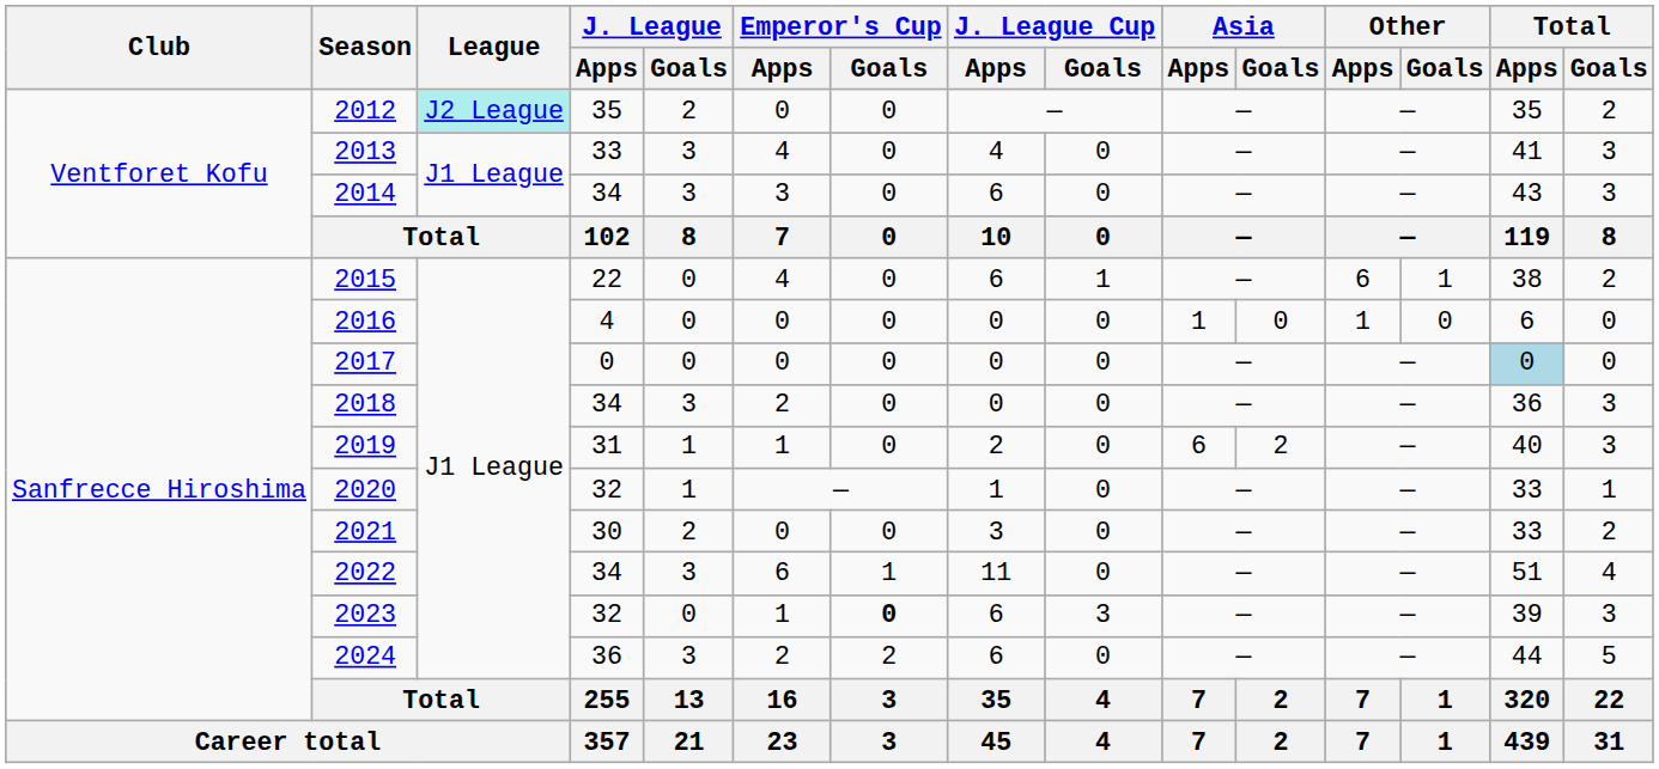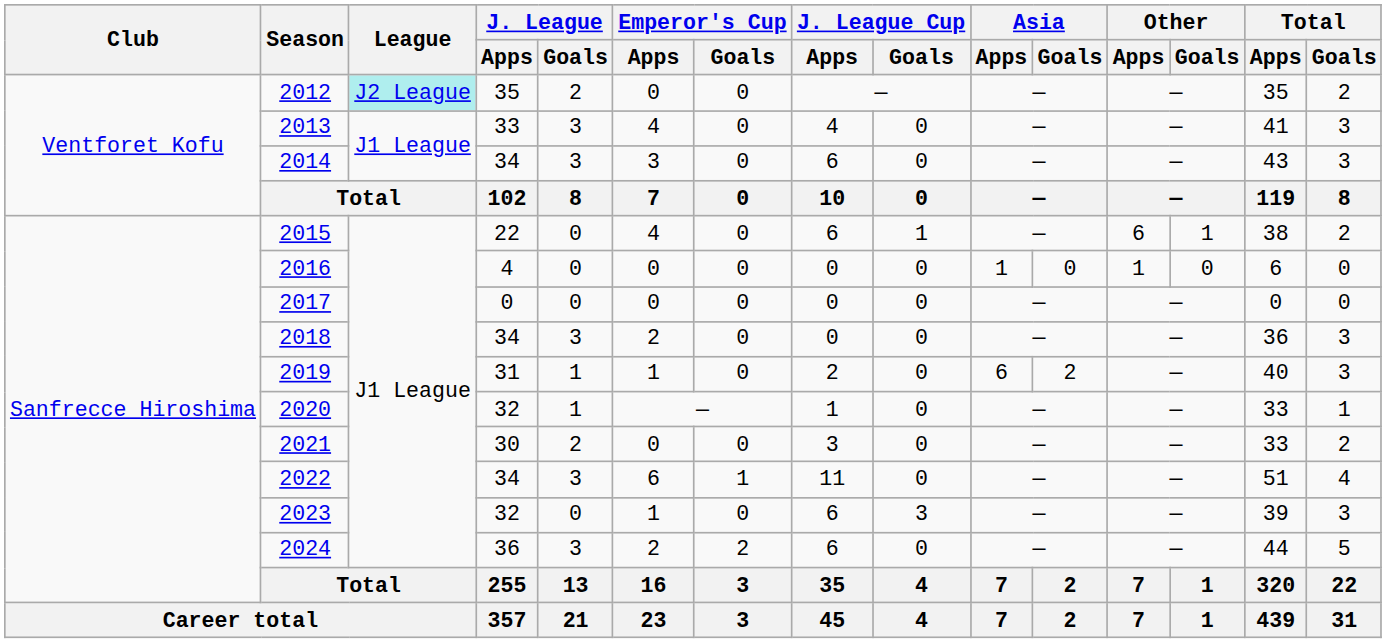 <table class="wikitable" style="text-align:center">
 <tr>
 <th rowspan="2">Club</th>
 <th rowspan="2">Season</th>
 <th rowspan="2">League</th>
 <th colspan="2"><a href='#'>J. League</a></th>
 <th colspan="2"><a href='#'>Emperor's Cup</a></th>
 <th colspan="2"><a href='#'>J. League Cup</a></th>
 <th colspan="2"><a href='#'>Asia</a></th>
 <th colspan="2">Other</th>
 <th colspan="2">Total</th>
 </tr>
 <tr>
 <th>Apps</th>
 <th>Goals</th>
 <th>Apps</th>
 <th>Goals</th>
 <th>Apps</th>
 <th>Goals</th>
 <th>Apps</th>
 <th>Goals</th>
 <th>Apps</th>
 <th>Goals</th>
 <th>Apps</th>
 <th>Goals</th>
 </tr>
 <tr>
 <td rowspan="4"><a href='#'>Ventforet Kofu</a></td>
 <td><a href='#'>2012</a></td>
 <td style="background: paleturquoise;"><a href='#'>J2 League</a></td>
 <td>35</td>
 <td>2</td>
 <td>0</td>
 <td>0</td>
 <td colspan="2">—</td>
 <td colspan="2">—</td>
 <td colspan="2">—</td>
 <td>35</td>
 <td>2</td>
 </tr>
 <tr>
 <td><a href='#'>2013</a></td>
 <td rowspan="2"><a href='#'>J1 League</a></td>
 <td>33</td>
 <td>3</td>
 <td>4</td>
 <td>0</td>
 <td>4</td>
 <td>0</td>
 <td colspan="2">—</td>
 <td colspan="2">—</td>
 <td>41</td>
 <td>3</td>
 </tr>
 <tr>
 <td><a href='#'>2014</a></td>
 <td>34</td>
 <td>3</td>
 <td>3</td>
 <td>0</td>
 <td>6</td>
 <td>0</td>
 <td colspan="2">—</td>
 <td colspan="2">—</td>
 <td>43</td>
 <td>3</td>
 </tr>
 <tr>
 <th colspan="2">Total</th>
 <th>102</th>
 <th>8</th>
 <th>7</th>
 <th>0</th>
 <th>10</th>
 <th>0</th>
 <th colspan="2">—</th>
 <th colspan="2">—</th>
 <th>119</th>
 <th>8</th>
 </tr>
 <tr>
 <td rowspan="11"><a href='#'>Sanfrecce Hiroshima</a></td>
 <td><a href='#'>2015</a></td>
 <td rowspan="10">J1 League</td>
 <td>22</td>
 <td>0</td>
 <td>4</td>
 <td>0</td>
 <td>6</td>
 <td>1</td>
 <td colspan="2">—</td>
 <td>6</td>
 <td>1</td>
 <td>38</td>
 <td>2</td>
 </tr>
 <tr>
 <td><a href='#'>2016</a></td>
 <td>4</td>
 <td>0</td>
 <td>0</td>
 <td>0</td>
 <td>0</td>
 <td>0</td>
 <td>1</td>
 <td>0</td>
 <td>1</td>
 <td>0</td>
 <td>6</td>
 <td>0</td>
 </tr>
 <tr>
 <td><a href='#'>2017</a></td>
 <td>0</td>
 <td>0</td>
 <td>0</td>
 <td>0</td>
 <td>0</td>
 <td>0</td>
 <td colspan="2">—</td>
 <td colspan="2">—</td>
-<td style="background: lightblue;">0</td>
+<td>0</td>
 <td>0</td>
 </tr>
 <tr>
 <td><a href='#'>2018</a></td>
 <td>34</td>
 <td>3</td>
 <td>2</td>
 <td>0</td>
 <td>0</td>
 <td>0</td>
 <td colspan="2">—</td>
 <td colspan="2">—</td>
 <td>36</td>
 <td>3</td>
 </tr>
 <tr>
 <td><a href='#'>2019</a></td>
 <td>31</td>
 <td>1</td>
 <td>1</td>
 <td>0</td>
 <td>2</td>
 <td>0</td>
 <td>6</td>
 <td>2</td>
 <td colspan="2">—</td>
 <td>40</td>
 <td>3</td>
 </tr>
 <tr>
 <td><a href='#'>2020</a></td>
 <td>32</td>
 <td>1</td>
 <td colspan="2">—</td>
 <td>1</td>
 <td>0</td>
 <td colspan="2">—</td>
 <td colspan="2">—</td>
 <td>33</td>
 <td>1</td>
 </tr>
 <tr>
 <td><a href='#'>2021</a></td>
 <td>30</td>
 <td>2</td>
 <td>0</td>
 <td>0</td>
 <td>3</td>
 <td>0</td>
 <td colspan="2">—</td>
 <td colspan="2">—</td>
 <td>33</td>
 <td>2</td>
 </tr>
 <tr>
 <td><a href='#'>2022</a></td>
 <td>34</td>
 <td>3</td>
 <td>6</td>
 <td>1</td>
 <td>11</td>
 <td>0</td>
 <td colspan="2">—</td>
 <td colspan="2">—</td>
 <td>51</td>
 <td>4</td>
 </tr>
 <tr>
 <td><a href='#'>2023</a></td>
 <td>32</td>
 <td>0</td>
 <td>1</td>
-<td><strong>0</strong></td>
+<td>0</td>
 <td>6</td>
 <td>3</td>
 <td colspan="2">—</td>
 <td colspan="2">—</td>
 <td>39</td>
 <td>3</td>
 </tr>
 <tr>
 <td><a href='#'>2024</a></td>
 <td>36</td>
 <td>3</td>
 <td>2</td>
 <td>2</td>
 <td>6</td>
 <td>0</td>
 <td colspan="2">—</td>
 <td colspan="2">—</td>
 <td>44</td>
 <td>5</td>
 </tr>
 <tr>
 <th colspan="2">Total</th>
 <th>255</th>
 <th>13</th>
 <th>16</th>
 <th>3</th>
 <th>35</th>
 <th>4</th>
 <th>7</th>
 <th>2</th>
 <th>7</th>
 <th>1</th>
 <th>320</th>
 <th>22</th>
 </tr>
 <tr>
 <th colspan="3">Career total</th>
 <th>357</th>
 <th>21</th>
 <th>23</th>
 <th>3</th>
 <th>45</th>
 <th>4</th>
 <th>7</th>
 <th>2</th>
 <th>7</th>
 <th>1</th>
 <th>439</th>
 <th>31</th>
 </tr>
 </table>
